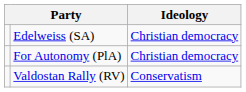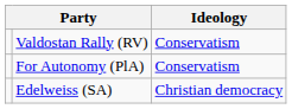 <table class=wikitable style=text-align:left>
 <tr>
 <th colspan=2>Party</th>
 <th>Ideology</th>
 </tr>
 <tr>
 <td style="background-color:"></td>
-<td><a href='#'>Edelweiss</a> (SA)</td>
-<td><a href='#'>Christian democracy</a></td>
+<td><a href='#'>Valdostan Rally</a> (RV)</td>
+<td><a href='#'>Conservatism</a></td>
 </tr>
 <tr>
 <td style="background-color:"></td>
 <td><a href='#'>For Autonomy</a> (PlA)</td>
-<td><a href='#'>Christian democracy</a></td>
+<td><a href='#'>Conservatism</a></td>
 </tr>
 <tr>
 <td style="background-color:"></td>
-<td><a href='#'>Valdostan Rally</a> (RV)</td>
-<td><a href='#'>Conservatism</a></td>
+<td><a href='#'>Edelweiss</a> (SA)</td>
+<td><a href='#'>Christian democracy</a></td>
 </tr>
 </table>
